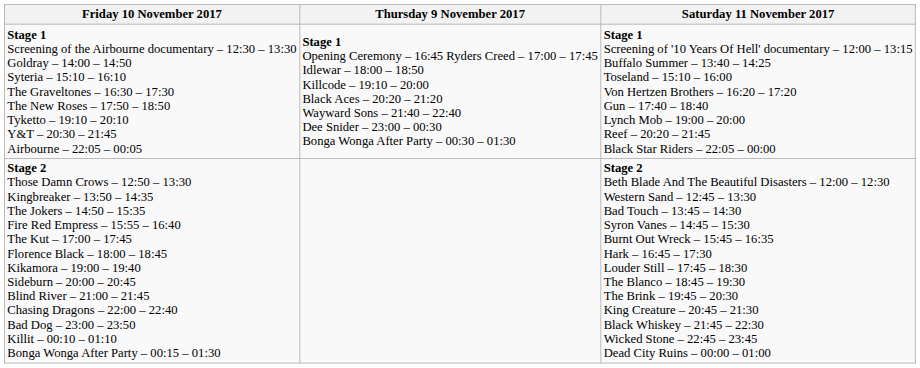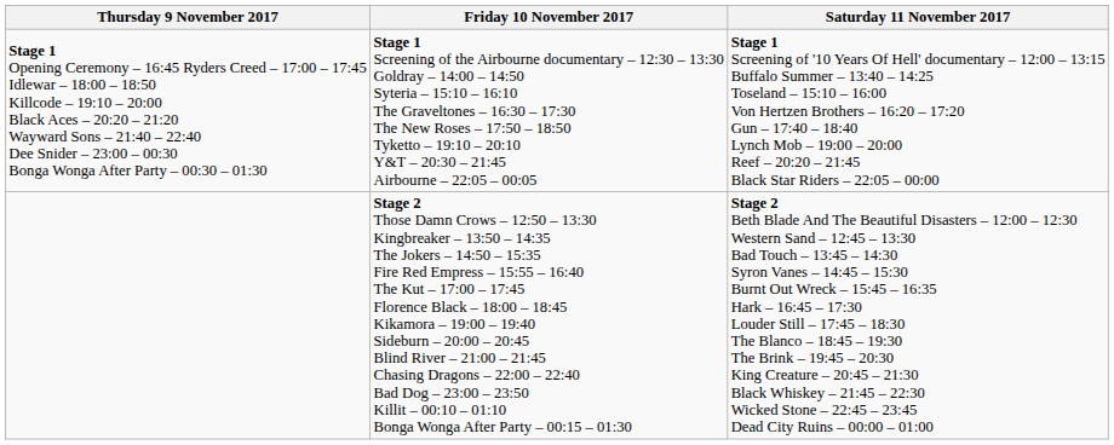 <table class="wikitable">
 <tr>
+<th>Thursday 9 November 2017</th>
 <th>Friday 10 November 2017</th>
-<th>Thursday 9 November 2017</th>
 <th>Saturday 11 November 2017</th>
 </tr>
 <tr>
+<td><strong>Stage 1</strong><br>Opening Ceremony – 16:45 Ryders Creed – 17:00  – 17:45<br>Idlewar – 18:00  – 18:50<br>Killcode – 19:10  – 20:00<br>Black Aces – 20:20  – 21:20<br>Wayward Sons – 21:40  – 22:40<br>Dee Snider – 23:00  – 00:30<br>Bonga Wonga After Party – 00:30  – 01:30</td>
 <td><strong>Stage 1</strong><br>Screening of the Airbourne documentary – 12:30  – 13:30<br>Goldray – 14:00  – 14:50<br>Syteria – 15:10  – 16:10<br>The Graveltones – 16:30  – 17:30<br>The New Roses – 17:50  – 18:50<br>Tyketto – 19:10  – 20:10<br>Y&T – 20:30  – 21:45<br>Airbourne – 22:05  – 00:05</td>
-<td><strong>Stage 1</strong><br>Opening Ceremony – 16:45 Ryders Creed – 17:00  – 17:45<br>Idlewar – 18:00  – 18:50<br>Killcode – 19:10  – 20:00<br>Black Aces – 20:20  – 21:20<br>Wayward Sons – 21:40  – 22:40<br>Dee Snider – 23:00  – 00:30<br>Bonga Wonga After Party – 00:30  – 01:30</td>
 <td><strong>Stage 1</strong><br>Screening of '10 Years Of Hell' documentary – 12:00  – 13:15<br>Buffalo Summer – 13:40  – 14:25<br>Toseland – 15:10  – 16:00<br>Von Hertzen Brothers – 16:20  – 17:20<br>Gun – 17:40  – 18:40<br>Lynch Mob – 19:00  – 20:00<br>Reef – 20:20  – 21:45<br>Black Star Riders – 22:05  – 00:00</td>
 </tr>
 <tr>
+<td></td>
 <td><strong>Stage 2</strong><br>Those Damn Crows – 12:50  – 13:30<br>Kingbreaker – 13:50  – 14:35<br>The Jokers – 14:50  – 15:35<br>Fire Red Empress – 15:55  – 16:40<br>The Kut – 17:00  – 17:45<br>Florence Black – 18:00  – 18:45<br>Kikamora – 19:00  – 19:40<br>Sideburn – 20:00  – 20:45<br>Blind River – 21:00  – 21:45<br>Chasing Dragons – 22:00  – 22:40<br>Bad Dog – 23:00  – 23:50<br>Killit – 00:10  – 01:10<br>Bonga Wonga After Party – 00:15  – 01:30</td>
-<td></td>
 <td><strong>Stage 2</strong><br>Beth Blade And The Beautiful Disasters – 12:00  – 12:30<br>Western Sand – 12:45  – 13:30<br>Bad Touch – 13:45  – 14:30<br>Syron Vanes – 14:45  – 15:30<br>Burnt Out Wreck – 15:45  – 16:35<br>Hark – 16:45  – 17:30<br>Louder Still – 17:45  – 18:30<br>The Blanco – 18:45  – 19:30<br>The Brink – 19:45  – 20:30<br>King Creature – 20:45  – 21:30<br>Black Whiskey – 21:45  – 22:30<br>Wicked Stone – 22:45  – 23:45<br>Dead City Ruins – 00:00  – 01:00</td>
 </tr>
 </table>
